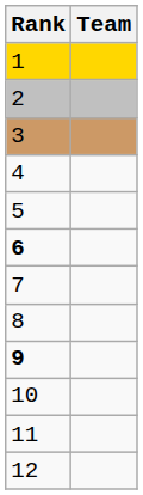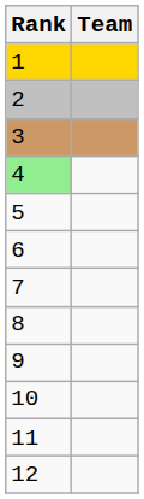 <table class="wikitable">
 <tr>
 <th>Rank</th>
 <th>Team</th>
 </tr>
 <tr style="background:gold;">
 <td>1</td>
 <td></td>
 </tr>
 <tr style="background:silver;">
 <td>2</td>
 <td></td>
 </tr>
 <tr style="background:#c96;">
 <td>3</td>
 <td></td>
 </tr>
 <tr>
-<td>4</td>
+<td style="background: lightgreen;">4</td>
 <td></td>
 </tr>
 <tr>
 <td>5</td>
 <td></td>
 </tr>
 <tr>
-<td><strong>6</strong></td>
+<td>6</td>
 <td></td>
 </tr>
 <tr>
 <td>7</td>
 <td></td>
 </tr>
 <tr>
 <td>8</td>
 <td></td>
 </tr>
 <tr>
-<td><strong>9</strong></td>
+<td>9</td>
 <td></td>
 </tr>
 <tr>
 <td>10</td>
 <td></td>
 </tr>
 <tr>
 <td>11</td>
 <td></td>
 </tr>
 <tr>
 <td>12</td>
 <td></td>
 </tr>
 </table>
